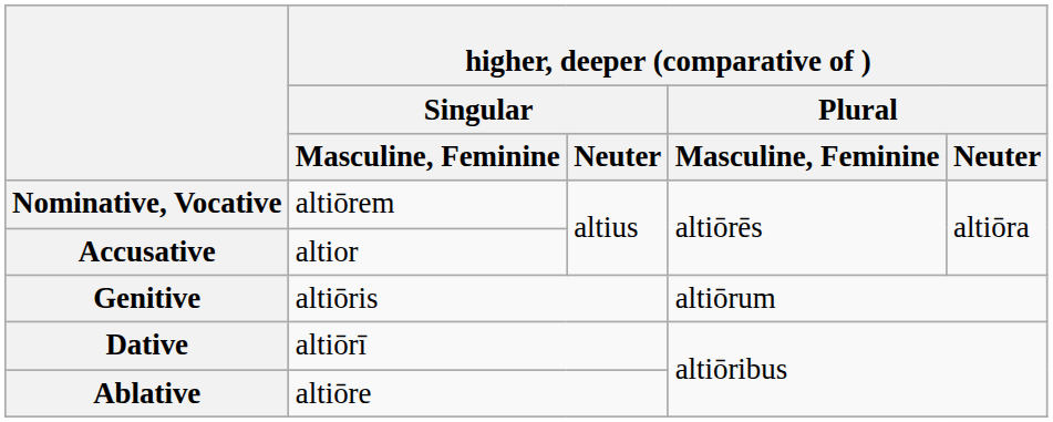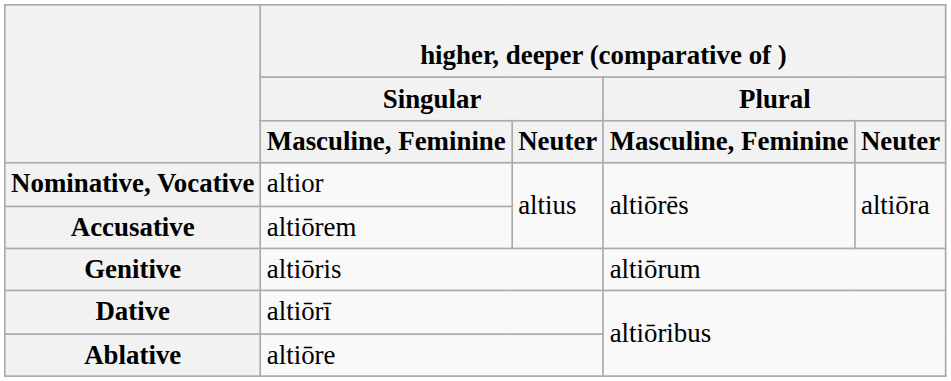 <table class="wikitable">
 <tr>
 <th rowspan="3"></th>
 <th colspan="4"><br> higher, deeper (comparative of )</th>
 </tr>
 <tr>
 <th colspan="2">Singular</th>
 <th colspan="2">Plural</th>
 </tr>
 <tr>
 <th>Masculine, Feminine</th>
 <th>Neuter</th>
 <th>Masculine, Feminine</th>
 <th>Neuter</th>
 </tr>
 <tr>
 <th>Nominative, Vocative</th>
-<td>altiōrem</td>
+<td>altior</td>
 <td rowspan="2">altius</td>
 <td rowspan="2">altiōrēs</td>
 <td rowspan="2">altiōra</td>
 </tr>
 <tr>
 <th>Accusative</th>
-<td>altior</td>
+<td>altiōrem</td>
 </tr>
 <tr>
 <th>Genitive</th>
 <td colspan="2">altiōris</td>
 <td colspan="2">altiōrum</td>
 </tr>
 <tr>
 <th>Dative</th>
 <td colspan="2">altiōrī</td>
 <td colspan="2" rowspan="2">altiōribus</td>
 </tr>
 <tr>
 <th>Ablative</th>
 <td colspan="2">altiōre</td>
 </tr>
 </table>
